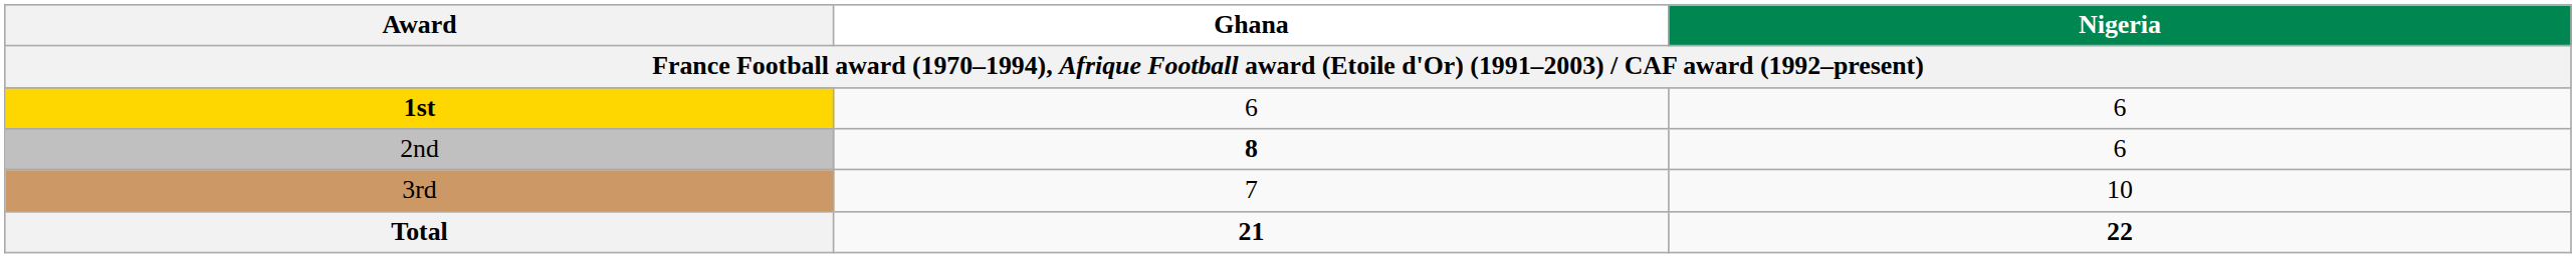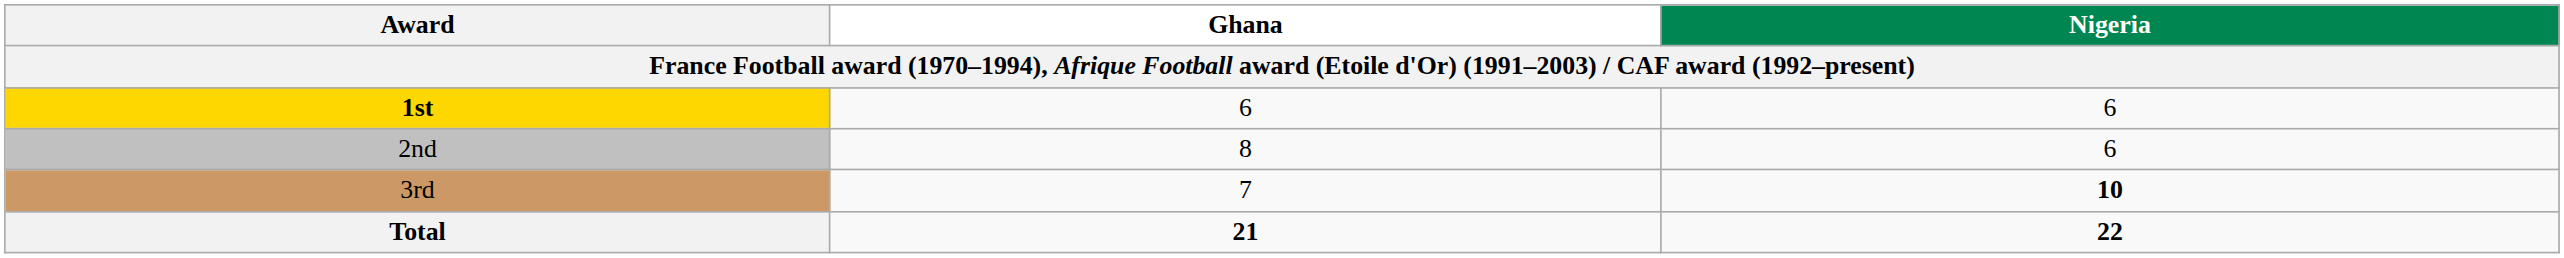 <table class="wikitable" style="font-size:99%; width: 99%; text-align: center;">
 <tr>
 <th>Award</th>
 <th style="color:#000000; background:#FFFFFF;">Ghana</th>
 <th style="color:#FFFFFF; background:#008751;">Nigeria</th>
 </tr>
 <tr>
 <th colspan="3" scope="row" style="text-align:center">France Football award (1970–1994), <em>Afrique Football</em> award (Etoile d'Or) (1991–2003) / CAF award (1992–present)</th>
 </tr>
 <tr>
 <td scope="col" style="background-color:gold"><strong>1st</strong></td>
 <td align="center">6</td>
 <td align="center">6</td>
 </tr>
 <tr>
 <td scope="col" style="background-color:silver">2nd</td>
-<td align="center"><strong>8</strong></td>
+<td align="center">8</td>
 <td align="center">6</td>
 </tr>
 <tr>
 <td scope="col" style="background-color:#cc9966">3rd</td>
 <td align="center">7</td>
-<td align="center">10</td>
+<td align="center"><strong>10</strong></td>
 </tr>
 <tr>
 <th align="center">Total</th>
 <td align="center"><strong>21</strong></td>
 <td align="center"><strong>22</strong></td>
 </tr>
 </table>
